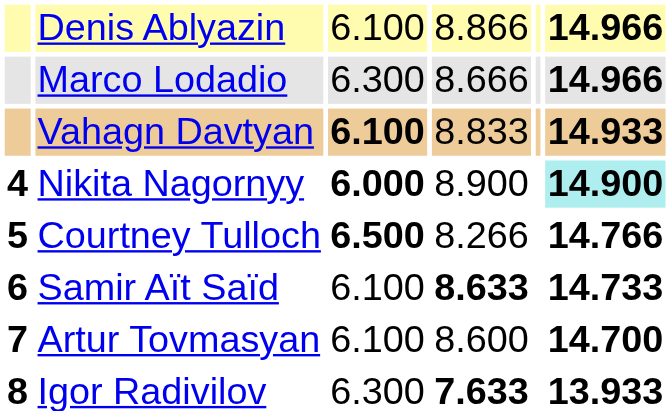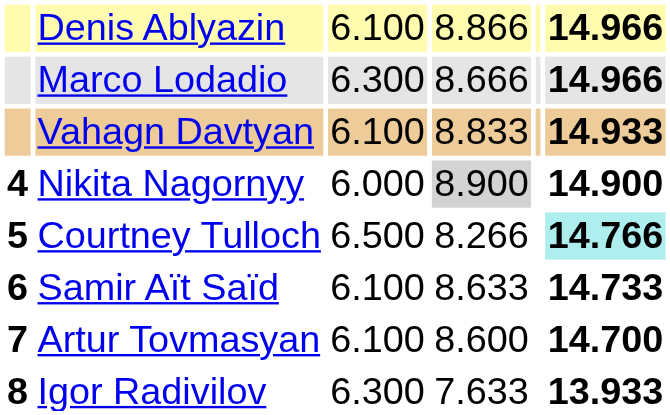 <table>
 <tr style="background: #fffcaf">
 <th scope=row style="text-align:center"></th>
 <td style="text-align:left"> <a href='#'>Denis Ablyazin</a></td>
 <td>6.100</td>
 <td>8.866</td>
 <td></td>
 <td><strong>14.966</strong></td>
 </tr>
 <tr style="background: #e5e5e5">
 <th scope=row style="text-align:center"></th>
 <td style="text-align:left"> <a href='#'>Marco Lodadio</a></td>
 <td>6.300</td>
 <td>8.666</td>
 <td></td>
 <td><strong>14.966</strong></td>
 </tr>
 <tr style="background:#ec9;">
 <th scope=row style="text-align:center"></th>
 <td style="text-align:left"> <a href='#'>Vahagn Davtyan</a></td>
-<td><strong>6.100</strong></td>
+<td>6.100</td>
 <td>8.833</td>
 <td></td>
 <td><strong>14.933</strong></td>
 </tr>
 <tr>
 <th scope=row style="text-align:center">4</th>
 <td style="text-align:left"> <a href='#'>Nikita Nagornyy</a></td>
-<td><strong>6.000</strong></td>
-<td>8.900</td>
+<td>6.000</td>
+<td style="background: lightgrey;">8.900</td>
 <td></td>
-<td style="background: paleturquoise;"><strong>14.900</strong></td>
+<td><strong>14.900</strong></td>
 </tr>
 <tr>
 <th scope=row style="text-align:center">5</th>
 <td style="text-align:left"> <a href='#'>Courtney Tulloch</a></td>
-<td><strong>6.500</strong></td>
+<td>6.500</td>
 <td>8.266</td>
 <td></td>
-<td><strong>14.766</strong></td>
+<td style="background: paleturquoise;"><strong>14.766</strong></td>
 </tr>
 <tr>
 <th scope=row style="text-align:center">6</th>
 <td style="text-align:left"> <a href='#'>Samir Aït Saïd</a></td>
 <td>6.100</td>
-<td><strong>8.633</strong></td>
+<td>8.633</td>
 <td></td>
 <td><strong>14.733</strong></td>
 </tr>
 <tr>
 <th scope=row style="text-align:center">7</th>
 <td style="text-align:left"> <a href='#'>Artur Tovmasyan</a></td>
 <td>6.100</td>
 <td>8.600</td>
 <td></td>
 <td><strong>14.700</strong></td>
 </tr>
 <tr>
 <th scope=row style="text-align:center">8</th>
 <td style="text-align:left"> <a href='#'>Igor Radivilov</a></td>
 <td>6.300</td>
-<td><strong>7.633</strong></td>
+<td>7.633</td>
 <td></td>
 <td><strong>13.933</strong></td>
 </tr>
 </table>
